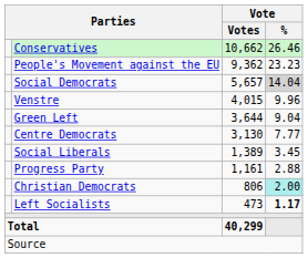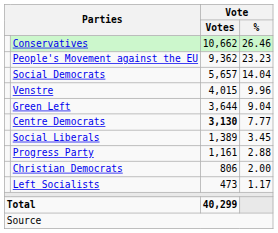 <table class="wikitable" style="text-align:right;">
 <tr>
 <th style="text-align:centre;" rowspan="2" colspan="2" width="225">Parties</th>
 <th colspan="3">Vote</th>
 </tr>
 <tr>
 <th width="15">Votes</th>
 <th width="15">%</th>
 </tr>
 <tr>
 <td width="2" style="color:inherit;background:"></td>
 <td bgcolor=#ccf7cc   align="left"><a href='#'>Conservatives</a></td>
 <td bgcolor=#ccf7cc>10,662</td>
 <td bgcolor=#ccf7cc>26.46</td>
 </tr>
 <tr>
 <td width="2" style="color:inherit;background:"></td>
 <td align="left"><a href='#'>People's Movement against the EU</a></td>
 <td>9,362</td>
 <td>23.23</td>
 </tr>
 <tr>
 <td width="2" style="color:inherit;background:"></td>
 <td align="left"><a href='#'>Social Democrats</a></td>
 <td>5,657</td>
-<td style="background: lightgrey;">14.04</td>
+<td>14.04</td>
 </tr>
 <tr>
 <td width="2" style="color:inherit;background:"></td>
 <td align="left"><a href='#'>Venstre</a></td>
 <td>4,015</td>
 <td>9.96</td>
 </tr>
 <tr>
 <td width="2" style="color:inherit;background:"></td>
 <td align="left"><a href='#'>Green Left</a></td>
 <td>3,644</td>
 <td>9.04</td>
 </tr>
 <tr>
 <td width="2" style="color:inherit;background:"></td>
 <td align="left"><a href='#'>Centre Democrats</a></td>
-<td>3,130</td>
+<td><strong>3,130</strong></td>
 <td>7.77</td>
 </tr>
 <tr>
 <td width="2" style="color:inherit;background:"></td>
 <td align="left"><a href='#'>Social Liberals</a></td>
 <td>1,389</td>
 <td>3.45</td>
 </tr>
 <tr>
 <td width="2" style="color:inherit;background:"></td>
 <td align="left"><a href='#'>Progress Party</a></td>
 <td>1,161</td>
 <td>2.88</td>
 </tr>
 <tr>
 <td width="2" style="color:inherit;background:"></td>
 <td align="left"><a href='#'>Christian Democrats</a></td>
 <td>806</td>
-<td style="background: paleturquoise;">2.00</td>
+<td>2.00</td>
 </tr>
 <tr>
 <td width="2" style="color:inherit;background:"></td>
 <td align="left"><a href='#'>Left Socialists</a></td>
 <td>473</td>
-<td><strong>1.17</strong></td>
+<td>1.17</td>
 </tr>
 <tr>
 <td colspan="7" bgcolor="#E9E9E9"></td>
 </tr>
 <tr>
 <td align="left" colspan="2"><strong>Total</strong></td>
 <td><strong>40,299</strong></td>
 <td bgcolor="#E9E9E9" colspan="2"></td>
 </tr>
 <tr>
 <td align="left" colspan="6">Source</td>
 </tr>
 </table>
